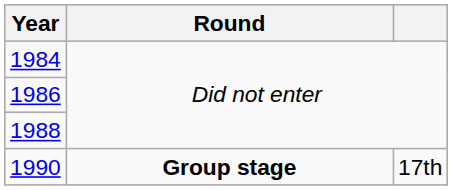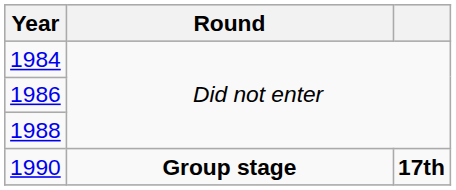 <table class="wikitable" style="text-align: center; font-size:90%">
 <tr>
 <th>Year</th>
 <th style="width:200px">Round</th>
 <th></th>
 </tr>
 <tr>
 <td><a href='#'>1984</a></td>
 <td colspan="2" rowspan="3"><em>Did not enter</em></td>
 </tr>
 <tr>
 <td><a href='#'>1986</a></td>
 </tr>
 <tr>
 <td><a href='#'>1988</a></td>
 </tr>
 <tr>
 <td><a href='#'>1990</a></td>
 <td><strong>Group stage</strong></td>
-<td>17th</td>
+<td><strong>17th</strong></td>
 </tr>
 </table>
